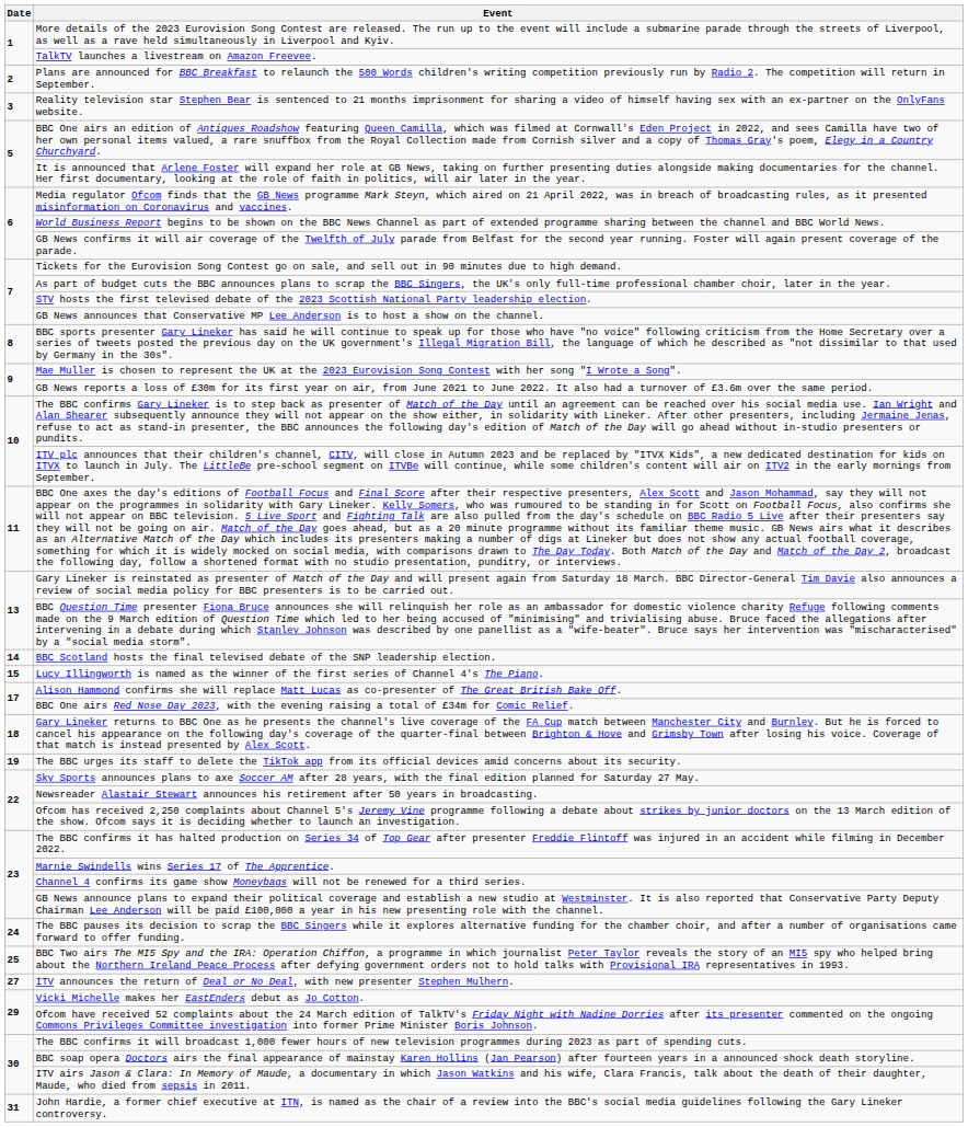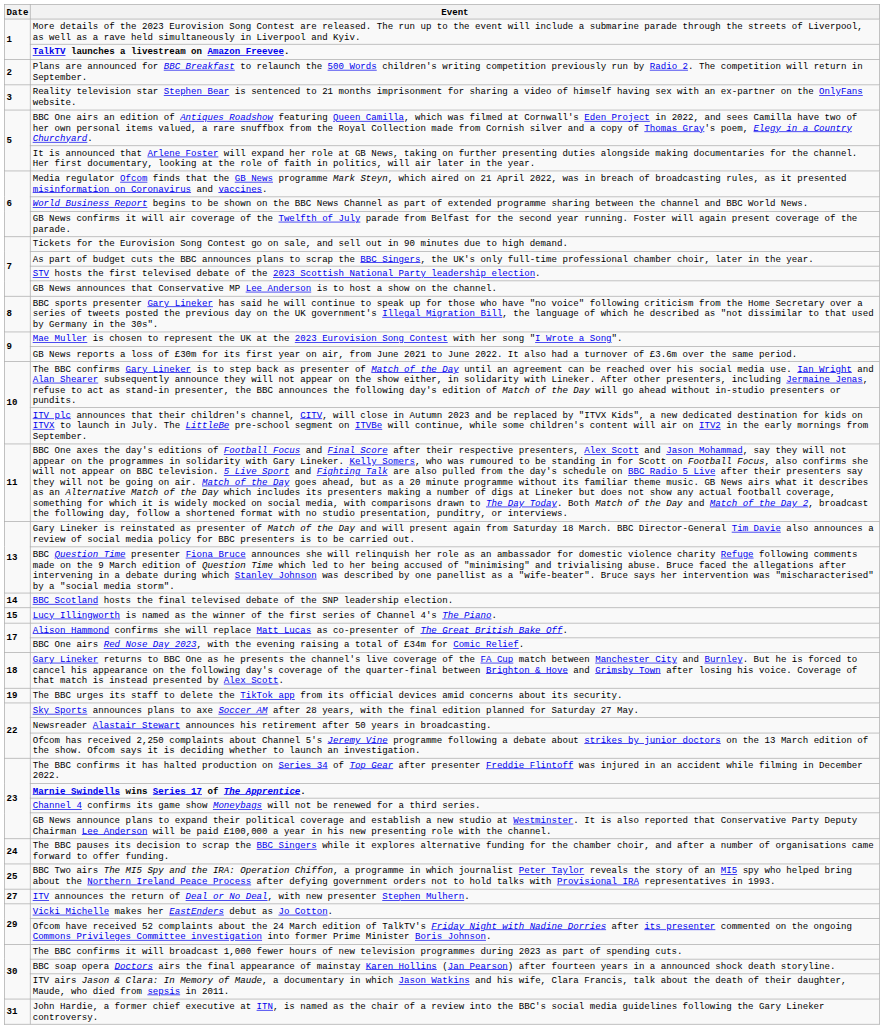 <table class="wikitable">
 <tr>
 <th>Date</th>
 <th>Event</th>
 </tr>
 <tr>
 <td rowspan=2><strong>1</strong></td>
 <td>More details of the 2023 Eurovision Song Contest are released. The run up to the event will include a submarine parade through the streets of Liverpool, as well as a rave held simultaneously in Liverpool and Kyiv.</td>
 </tr>
 <tr>
-<td><a href='#'>TalkTV</a> launches a livestream on <a href='#'>Amazon Freevee</a>.</td>
+<td><strong><a href='#'>TalkTV</a> launches a livestream on <a href='#'>Amazon Freevee</a>.</strong></td>
 </tr>
 <tr>
 <td><strong>2</strong></td>
 <td>Plans are announced for <em><a href='#'>BBC Breakfast</a></em> to relaunch the <a href='#'>500 Words</a> children's writing competition previously run by <a href='#'>Radio 2</a>. The competition will return in September.</td>
 </tr>
 <tr>
 <td><strong>3</strong></td>
 <td>Reality television star <a href='#'>Stephen Bear</a> is sentenced to 21 months imprisonment for sharing a video of himself having sex with an ex-partner on the <a href='#'>OnlyFans</a> website.</td>
 </tr>
 <tr>
 <td rowspan=2><strong>5</strong></td>
 <td>BBC One airs an edition of <em><a href='#'>Antiques Roadshow</a></em> featuring <a href='#'>Queen Camilla</a>, which was filmed at Cornwall's <a href='#'>Eden Project</a> in 2022, and sees Camilla have two of her own personal items valued, a rare snuffbox from the Royal Collection made from Cornish silver and a copy of <a href='#'>Thomas Gray</a>'s poem, <em><a href='#'>Elegy in a Country Churchyard</a></em>.</td>
 </tr>
 <tr>
 <td>It is announced that <a href='#'>Arlene Foster</a> will expand her role at GB News, taking on further presenting duties alongside making documentaries for the channel. Her first documentary, looking at the role of faith in politics, will air later in the year.</td>
 </tr>
 <tr>
 <td rowspan=3><strong>6</strong></td>
 <td>Media regulator <a href='#'>Ofcom</a> finds that the <a href='#'>GB News</a> programme <em>Mark Steyn</em>, which aired on 21 April 2022, was in breach of broadcasting rules, as it presented <a href='#'>misinformation on Coronavirus</a> and <a href='#'>vaccines</a>.</td>
 </tr>
 <tr>
 <td><em><a href='#'>World Business Report</a></em> begins to be shown on the BBC News Channel as part of extended programme sharing between the channel and BBC World News.</td>
 </tr>
 <tr>
 <td>GB News confirms it will air coverage of the <a href='#'>Twelfth of July</a> parade from Belfast for the second year running. Foster will again present coverage of the parade.</td>
 </tr>
 <tr>
 <td rowspan=4><strong>7</strong></td>
 <td>Tickets for the Eurovision Song Contest go on sale, and sell out in 90 minutes due to high demand.</td>
 </tr>
 <tr>
 <td>As part of budget cuts the BBC announces plans to scrap the <a href='#'>BBC Singers</a>, the UK's only full-time professional chamber choir, later in the year.</td>
 </tr>
 <tr>
 <td><a href='#'>STV</a> hosts the first televised debate of the <a href='#'>2023 Scottish National Party leadership election</a>.</td>
 </tr>
 <tr>
 <td>GB News announces that Conservative MP <a href='#'>Lee Anderson</a> is to host a show on the channel.</td>
 </tr>
 <tr>
 <td><strong>8</strong></td>
 <td>BBC sports presenter <a href='#'>Gary Lineker</a> has said he will continue to speak up for those who have "no voice" following criticism from the Home Secretary over a series of tweets posted the previous day on the UK government's <a href='#'>Illegal Migration Bill</a>, the language of which he described as "not dissimilar to that used by Germany in the 30s".</td>
 </tr>
 <tr>
 <td rowspan=2><strong>9</strong></td>
 <td><a href='#'>Mae Muller</a> is chosen to represent the UK at the <a href='#'>2023 Eurovision Song Contest</a> with her song "<a href='#'>I Wrote a Song</a>".</td>
 </tr>
 <tr>
 <td>GB News reports a loss of £30m for its first year on air, from June 2021 to June 2022. It also had a turnover of £3.6m over the same period.</td>
 </tr>
 <tr>
 <td rowspan=2><strong>10</strong></td>
 <td>The BBC confirms <a href='#'>Gary Lineker</a> is to step back as presenter of <em><a href='#'>Match of the Day</a></em> until an agreement can be reached over his social media use. <a href='#'>Ian Wright</a> and <a href='#'>Alan Shearer</a> subsequently announce they will not appear on the show either, in solidarity with Lineker. After other presenters, including <a href='#'>Jermaine Jenas</a>, refuse to act as stand-in presenter, the BBC announces the following day's edition of <em>Match of the Day</em> will go ahead without in-studio presenters or pundits.</td>
 </tr>
 <tr>
 <td><a href='#'>ITV plc</a> announces that their children's channel, <a href='#'>CITV</a>, will close in Autumn 2023 and be replaced by "ITVX Kids", a new dedicated destination for kids on <a href='#'>ITVX</a> to launch in July. The <em><a href='#'>LittleBe</a></em> pre-school segment on <a href='#'>ITVBe</a> will continue, while some children's content will air on <a href='#'>ITV2</a> in the early mornings from September.</td>
 </tr>
 <tr>
 <td><strong>11</strong></td>
 <td>BBC One axes the day's editions of <em><a href='#'>Football Focus</a></em> and <em><a href='#'>Final Score</a></em> after their respective presenters, <a href='#'>Alex Scott</a> and <a href='#'>Jason Mohammad</a>, say they will not appear on the programmes in solidarity with Gary Lineker. <a href='#'>Kelly Somers</a>, who was rumoured to be standing in for Scott on <em>Football Focus</em>, also confirms she will not appear on BBC television. <em><a href='#'>5 Live Sport</a></em> and <em><a href='#'>Fighting Talk</a></em> are also pulled from the day's schedule on <a href='#'>BBC Radio 5 Live</a> after their presenters say they will not be going on air. <em><a href='#'>Match of the Day</a></em> goes ahead, but as a 20 minute programme without its familiar theme music. GB News airs what it describes as an <em>Alternative Match of the Day</em> which includes its presenters making a number of digs at Lineker but does not show any actual football coverage, something for which it is widely mocked on social media, with comparisons drawn to <em><a href='#'>The Day Today</a></em>. Both <em>Match of the Day</em> and <em><a href='#'>Match of the Day 2</a></em>, broadcast the following day, follow a shortened format with no studio presentation, punditry, or interviews.</td>
 </tr>
 <tr>
 <td rowspan=2><strong>13</strong></td>
 <td>Gary Lineker is reinstated as presenter of <em>Match of the Day</em> and will present again from Saturday 18 March. BBC Director-General <a href='#'>Tim Davie</a> also announces a review of social media policy for BBC presenters is to be carried out.</td>
 </tr>
 <tr>
 <td>BBC <em><a href='#'>Question Time</a></em> presenter <a href='#'>Fiona Bruce</a> announces she will relinquish her role as an ambassador for domestic violence charity <a href='#'>Refuge</a> following comments made on the 9 March edition of <em>Question Time</em> which led to her being accused of "minimising" and trivialising abuse. Bruce faced the allegations after intervening in a debate during which <a href='#'>Stanley Johnson</a> was described by one panellist as a "wife-beater". Bruce says her intervention was "mischaracterised" by a "social media storm".</td>
 </tr>
 <tr>
 <td><strong>14</strong></td>
 <td><a href='#'>BBC Scotland</a> hosts the final televised debate of the SNP leadership election.</td>
 </tr>
 <tr>
 <td><strong>15</strong></td>
 <td><a href='#'>Lucy Illingworth</a> is named as the winner of the first series of Channel 4's <em><a href='#'>The Piano</a></em>.</td>
 </tr>
 <tr>
 <td rowspan=2><strong>17</strong></td>
 <td><a href='#'>Alison Hammond</a> confirms she will replace <a href='#'>Matt Lucas</a> as co-presenter of <em><a href='#'>The Great British Bake Off</a></em>.</td>
 </tr>
 <tr>
 <td>BBC One airs <em><a href='#'>Red Nose Day 2023</a></em>, with the evening raising a total of £34m for <a href='#'>Comic Relief</a>.</td>
 </tr>
 <tr>
 <td><strong>18</strong></td>
 <td><a href='#'>Gary Lineker</a> returns to BBC One as he presents the channel's live coverage of the <a href='#'>FA Cup</a> match between <a href='#'>Manchester City</a> and <a href='#'>Burnley</a>. But he is forced to cancel his appearance on the following day's coverage of the quarter-final between <a href='#'>Brighton & Hove</a> and <a href='#'>Grimsby Town</a> after losing his voice. Coverage of that match is instead presented by <a href='#'>Alex Scott</a>.</td>
 </tr>
 <tr>
 <td><strong>19</strong></td>
 <td>The BBC urges its staff to delete the <a href='#'>TikTok app</a> from its official devices amid concerns about its security.</td>
 </tr>
 <tr>
 <td rowspan=3><strong>22</strong></td>
 <td><a href='#'>Sky Sports</a> announces plans to axe <em><a href='#'>Soccer AM</a></em> after 28 years, with the final edition planned for Saturday 27 May.</td>
 </tr>
 <tr>
 <td>Newsreader <a href='#'>Alastair Stewart</a> announces his retirement after 50 years in broadcasting.</td>
 </tr>
 <tr>
 <td>Ofcom has received 2,250 complaints about Channel 5's <em><a href='#'>Jeremy Vine</a></em> programme following a debate about <a href='#'>strikes by junior doctors</a> on the 13 March edition of the show. Ofcom says it is deciding whether to launch an investigation.</td>
 </tr>
 <tr>
 <td rowspan=4><strong>23</strong></td>
 <td>The BBC confirms it has halted production on <a href='#'>Series 34</a> of <em><a href='#'>Top Gear</a></em> after presenter <a href='#'>Freddie Flintoff</a> was injured in an accident while filming in December 2022.</td>
 </tr>
 <tr>
-<td><a href='#'>Marnie Swindells</a> wins <a href='#'>Series 17</a> of <em><a href='#'>The Apprentice</a></em>.</td>
+<td><strong><a href='#'>Marnie Swindells</a> wins <a href='#'>Series 17</a> of <em><a href='#'>The Apprentice</a></em>.</strong></td>
 </tr>
 <tr>
 <td><a href='#'>Channel 4</a> confirms its game show <em><a href='#'>Moneybags</a></em> will not be renewed for a third series.</td>
 </tr>
 <tr>
 <td>GB News announce plans to expand their political coverage and establish a new studio at <a href='#'>Westminster</a>. It is also reported that Conservative Party Deputy Chairman <a href='#'>Lee Anderson</a> will be paid £100,000 a year in his new presenting role with the channel.</td>
 </tr>
 <tr>
 <td><strong>24</strong></td>
 <td>The BBC pauses its decision to scrap the <a href='#'>BBC Singers</a> while it explores alternative funding for the chamber choir, and after a number of organisations came forward to offer funding.</td>
 </tr>
 <tr>
 <td><strong>25</strong></td>
 <td>BBC Two airs <em>The MI5 Spy and the IRA: Operation Chiffon</em>, a programme in which journalist <a href='#'>Peter Taylor</a> reveals the story of an <a href='#'>MI5</a> spy who helped bring about the <a href='#'>Northern Ireland Peace Process</a> after defying government orders not to hold talks with <a href='#'>Provisional IRA</a> representatives in 1993.</td>
 </tr>
 <tr>
 <td><strong>27</strong></td>
 <td><a href='#'>ITV</a> announces the return of <em><a href='#'>Deal or No Deal</a></em>, with new presenter <a href='#'>Stephen Mulhern</a>.</td>
 </tr>
 <tr>
 <td rowspan=2><strong>29</strong></td>
 <td><a href='#'>Vicki Michelle</a> makes her <em><a href='#'>EastEnders</a></em> debut as <a href='#'>Jo Cotton</a>.</td>
 </tr>
 <tr>
 <td>Ofcom have received 52 complaints about the 24 March edition of TalkTV's <em><a href='#'>Friday Night with Nadine Dorries</a></em> after <a href='#'>its presenter</a> commented on the ongoing <a href='#'>Commons Privileges Committee investigation</a> into former Prime Minister <a href='#'>Boris Johnson</a>.</td>
 </tr>
 <tr>
 <td rowspan=3><strong>30</strong></td>
 <td>The BBC confirms it will broadcast 1,000 fewer hours of new television programmes during 2023 as part of spending cuts.</td>
 </tr>
 <tr>
 <td>BBC soap opera <em><a href='#'>Doctors</a></em> airs the final appearance of mainstay <a href='#'>Karen Hollins</a> (<a href='#'>Jan Pearson</a>) after fourteen years in a announced shock death storyline.</td>
 </tr>
 <tr>
 <td>ITV airs <em>Jason & Clara: In Memory of Maude</em>, a documentary in which <a href='#'>Jason Watkins</a> and his wife, Clara Francis, talk about the death of their daughter, Maude, who died from <a href='#'>sepsis</a> in 2011.</td>
 </tr>
 <tr>
 <td><strong>31</strong></td>
 <td>John Hardie, a former chief executive at <a href='#'>ITN</a>, is named as the chair of a review into the BBC's social media guidelines following the Gary Lineker controversy.</td>
 </tr>
 </table>
